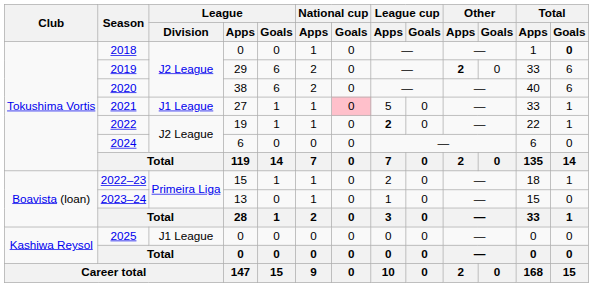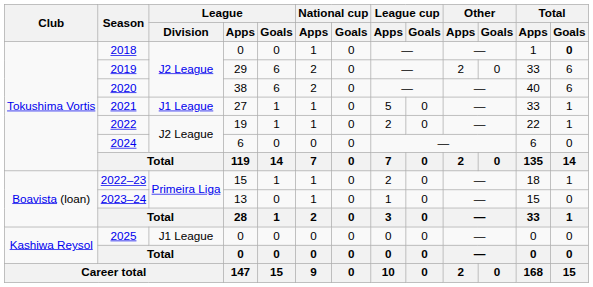 <table class="wikitable" style="text-align:center">
 <tr>
 <th rowspan="2">Club</th>
 <th rowspan="2">Season</th>
 <th colspan="3">League</th>
 <th colspan="2">National cup</th>
 <th colspan="2">League cup</th>
 <th colspan="2">Other</th>
 <th colspan="2">Total</th>
 </tr>
 <tr>
 <th>Division</th>
 <th>Apps</th>
 <th>Goals</th>
 <th>Apps</th>
 <th>Goals</th>
 <th>Apps</th>
 <th>Goals</th>
 <th>Apps</th>
 <th>Goals</th>
 <th>Apps</th>
 <th>Goals</th>
 </tr>
 <tr>
 <td rowspan="7"><a href='#'>Tokushima Vortis</a></td>
 <td><a href='#'>2018</a></td>
 <td rowspan="3"><a href='#'>J2 League</a></td>
 <td>0</td>
 <td>0</td>
 <td>1</td>
 <td>0</td>
 <td colspan="2">—</td>
 <td colspan="2">—</td>
 <td>1</td>
 <td><strong>0</strong></td>
 </tr>
 <tr>
 <td><a href='#'>2019</a></td>
 <td>29</td>
 <td>6</td>
 <td>2</td>
 <td>0</td>
 <td colspan="2">—</td>
-<td><strong>2</strong></td>
+<td>2</td>
 <td>0</td>
 <td>33</td>
 <td>6</td>
 </tr>
 <tr>
 <td><a href='#'>2020</a></td>
 <td>38</td>
 <td>6</td>
 <td>2</td>
 <td>0</td>
 <td colspan="2">—</td>
 <td colspan="2">—</td>
 <td>40</td>
 <td>6</td>
 </tr>
 <tr>
 <td><a href='#'>2021</a></td>
 <td><a href='#'>J1 League</a></td>
 <td>27</td>
 <td>1</td>
 <td>1</td>
-<td style="background: pink;">0</td>
+<td>0</td>
 <td>5</td>
 <td>0</td>
 <td colspan="2">—</td>
 <td>33</td>
 <td>1</td>
 </tr>
 <tr>
 <td><a href='#'>2022</a></td>
 <td rowspan="2">J2 League</td>
 <td>19</td>
 <td>1</td>
 <td>1</td>
 <td>0</td>
-<td><strong>2</strong></td>
+<td>2</td>
 <td>0</td>
 <td colspan="2">—</td>
 <td>22</td>
 <td>1</td>
 </tr>
 <tr>
 <td><a href='#'>2024</a></td>
 <td>6</td>
 <td>0</td>
 <td>0</td>
 <td>0</td>
 <td colspan="4">—</td>
 <td>6</td>
 <td>0</td>
 </tr>
 <tr>
 <th colspan="2">Total</th>
 <th>119</th>
 <th>14</th>
 <th>7</th>
 <th>0</th>
 <th>7</th>
 <th>0</th>
 <th>2</th>
 <th>0</th>
 <th>135</th>
 <th>14</th>
 </tr>
 <tr>
 <td rowspan="3"><a href='#'>Boavista</a> (loan)</td>
 <td><a href='#'>2022–23</a></td>
 <td rowspan="2"><a href='#'>Primeira Liga</a></td>
 <td>15</td>
 <td>1</td>
 <td>1</td>
 <td>0</td>
 <td>2</td>
 <td>0</td>
 <td colspan="2">—</td>
 <td>18</td>
 <td>1</td>
 </tr>
 <tr>
 <td><a href='#'>2023–24</a></td>
 <td>13</td>
 <td>0</td>
 <td>1</td>
 <td>0</td>
 <td>1</td>
 <td>0</td>
 <td colspan="2">—</td>
 <td>15</td>
 <td>0</td>
 </tr>
 <tr>
 <th colspan="2">Total</th>
 <th>28</th>
 <th>1</th>
 <th>2</th>
 <th>0</th>
 <th>3</th>
 <th>0</th>
 <th colspan="2">—</th>
 <th>33</th>
 <th>1</th>
 </tr>
 <tr>
 <td rowspan="2"><a href='#'>Kashiwa Reysol</a></td>
 <td><a href='#'>2025</a></td>
 <td>J1 League</td>
 <td>0</td>
 <td>0</td>
 <td>0</td>
 <td>0</td>
 <td>0</td>
 <td>0</td>
 <td colspan="2">—</td>
 <td>0</td>
 <td>0</td>
 </tr>
 <tr>
 <th colspan="2">Total</th>
 <th>0</th>
 <th>0</th>
 <th>0</th>
 <th>0</th>
 <th>0</th>
 <th>0</th>
 <th colspan="2">—</th>
 <th>0</th>
 <th>0</th>
 </tr>
 <tr>
 <th colspan="3">Career total</th>
 <th>147</th>
 <th>15</th>
 <th>9</th>
 <th>0</th>
 <th>10</th>
 <th>0</th>
 <th>2</th>
 <th>0</th>
 <th>168</th>
 <th>15</th>
 </tr>
 </table>
